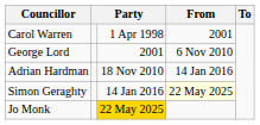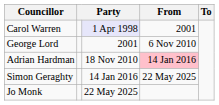 <table class=wikitable>
 <tr>
 <th>Councillor</th>
 <th colspan=2>Party</th>
 <th>From</th>
 <th>To</th>
 </tr>
 <tr>
 <td>Carol Warren</td>
 <td></td>
-<td align=right>1 Apr 1998</td>
+<td align=right style="background: lavender;">1 Apr 1998</td>
 <td align=right>2001</td>
 </tr>
 <tr>
 <td>George Lord</td>
 <td></td>
 <td align=right>2001</td>
 <td align=right>6 Nov 2010</td>
 </tr>
 <tr>
 <td>Adrian Hardman</td>
 <td></td>
 <td align=right>18 Nov 2010</td>
-<td align=right>14 Jan 2016</td>
+<td align=right style="background: pink;">14 Jan 2016</td>
 </tr>
 <tr>
 <td>Simon Geraghty</td>
 <td></td>
 <td align=right>14 Jan 2016</td>
-<td align=right style="background: lightyellow;">22 May 2025</td>
+<td align=right>22 May 2025</td>
 </tr>
 <tr>
 <td>Jo Monk</td>
 <td></td>
-<td align=right style="background: gold;">22 May 2025</td>
+<td align=right>22 May 2025</td>
 <td align=right></td>
 </tr>
 </table>
